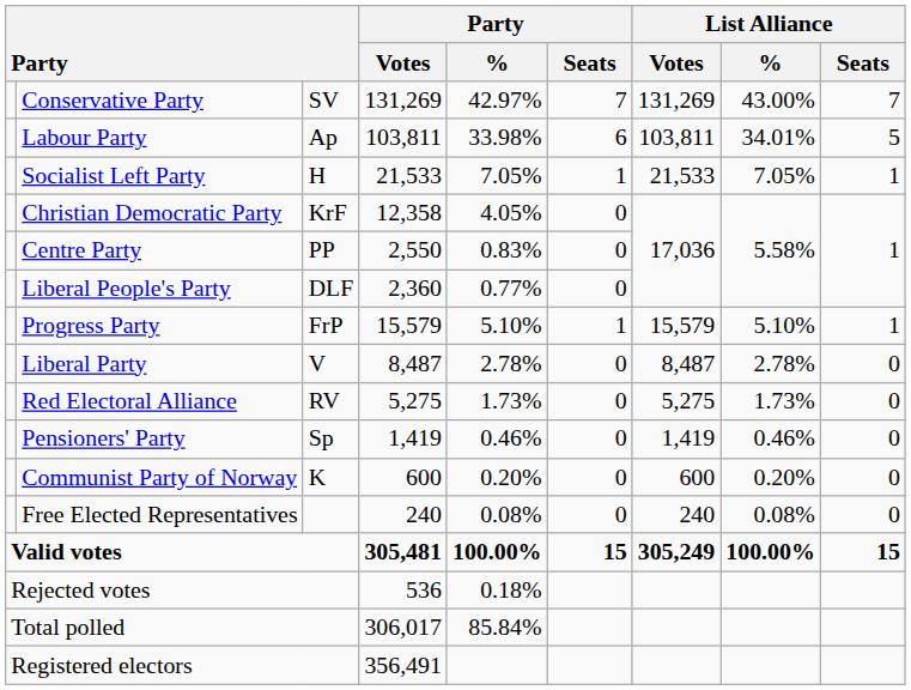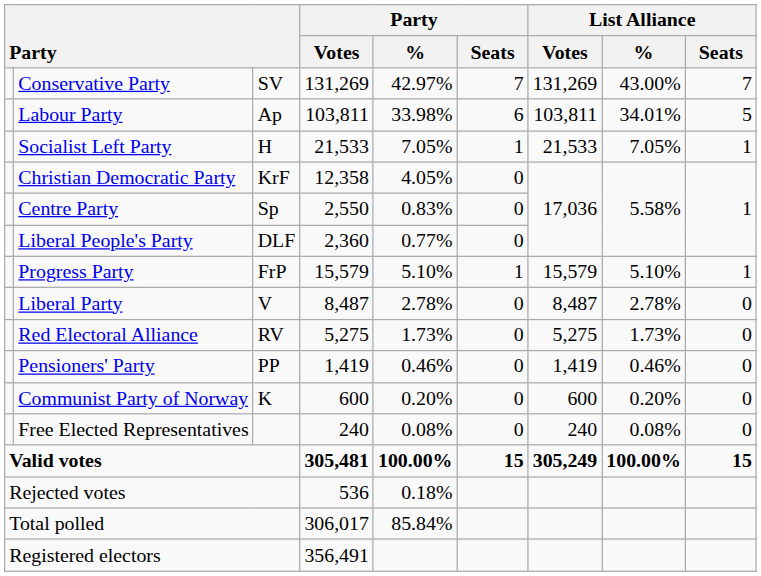 <table class="wikitable" border="1" style="text-align:right;">
 <tr>
 <th style="text-align:left;" valign=bottom rowspan=2 colspan=3>Party</th>
 <th colspan=3>Party</th>
 <th colspan=3>List Alliance</th>
 </tr>
 <tr>
 <th align=center valign=bottom width="50">Votes</th>
 <th align=center valign=bottom width="50">%</th>
 <th align=center valign=bottom width="50">Seats</th>
 <th align=center valign=bottom width="50">Votes</th>
 <th align=center valign=bottom width="50">%</th>
 <th align=center valign=bottom width="50">Seats</th>
 </tr>
 <tr>
 <td style="color:inherit;background:"></td>
 <td align=left><a href='#'>Conservative Party</a></td>
 <td align=left>SV</td>
 <td>131,269</td>
 <td>42.97%</td>
 <td>7</td>
 <td>131,269</td>
 <td>43.00%</td>
 <td>7</td>
 </tr>
 <tr>
 <td style="color:inherit;background:"></td>
 <td align=left><a href='#'>Labour Party</a></td>
 <td align=left>Ap</td>
 <td>103,811</td>
 <td>33.98%</td>
 <td>6</td>
 <td>103,811</td>
 <td>34.01%</td>
 <td>5</td>
 </tr>
 <tr>
 <td style="color:inherit;background:"></td>
 <td align=left><a href='#'>Socialist Left Party</a></td>
 <td align=left>H</td>
 <td>21,533</td>
 <td>7.05%</td>
 <td>1</td>
 <td>21,533</td>
 <td>7.05%</td>
 <td>1</td>
 </tr>
 <tr>
 <td style="color:inherit;background:"></td>
 <td align=left><a href='#'>Christian Democratic Party</a></td>
 <td align=left>KrF</td>
 <td>12,358</td>
 <td>4.05%</td>
 <td>0</td>
 <td rowspan=3>17,036</td>
 <td rowspan=3>5.58%</td>
 <td rowspan=3>1</td>
 </tr>
 <tr>
 <td style="color:inherit;background:"></td>
 <td align=left><a href='#'>Centre Party</a></td>
-<td align=left>PP</td>
+<td align=left>Sp</td>
 <td>2,550</td>
 <td>0.83%</td>
 <td>0</td>
 </tr>
 <tr>
 <td style="color:inherit;background:"></td>
 <td align=left><a href='#'>Liberal People's Party</a></td>
 <td align=left>DLF</td>
 <td>2,360</td>
 <td>0.77%</td>
 <td>0</td>
 </tr>
 <tr>
 <td style="color:inherit;background:"></td>
 <td align=left><a href='#'>Progress Party</a></td>
 <td align=left>FrP</td>
 <td>15,579</td>
 <td>5.10%</td>
 <td>1</td>
 <td>15,579</td>
 <td>5.10%</td>
 <td>1</td>
 </tr>
 <tr>
 <td style="color:inherit;background:"></td>
 <td align=left><a href='#'>Liberal Party</a></td>
 <td align=left>V</td>
 <td>8,487</td>
 <td>2.78%</td>
 <td>0</td>
 <td>8,487</td>
 <td>2.78%</td>
 <td>0</td>
 </tr>
 <tr>
 <td style="color:inherit;background:"></td>
 <td align=left><a href='#'>Red Electoral Alliance</a></td>
 <td align=left>RV</td>
 <td>5,275</td>
 <td>1.73%</td>
 <td>0</td>
 <td>5,275</td>
 <td>1.73%</td>
 <td>0</td>
 </tr>
 <tr>
 <td style="color:inherit;background:"></td>
 <td align=left><a href='#'>Pensioners' Party</a></td>
-<td align=left>Sp</td>
+<td align=left>PP</td>
 <td>1,419</td>
 <td>0.46%</td>
 <td>0</td>
 <td>1,419</td>
 <td>0.46%</td>
 <td>0</td>
 </tr>
 <tr>
 <td style="color:inherit;background:"></td>
 <td align=left><a href='#'>Communist Party of Norway</a></td>
 <td align=left>K</td>
 <td>600</td>
 <td>0.20%</td>
 <td>0</td>
 <td>600</td>
 <td>0.20%</td>
 <td>0</td>
 </tr>
 <tr>
 <td></td>
 <td align=left>Free Elected Representatives</td>
 <td align=left></td>
 <td>240</td>
 <td>0.08%</td>
 <td>0</td>
 <td>240</td>
 <td>0.08%</td>
 <td>0</td>
 </tr>
 <tr style="font-weight:bold">
 <td align=left colspan=3>Valid votes</td>
 <td>305,481</td>
 <td>100.00%</td>
 <td>15</td>
 <td>305,249</td>
 <td>100.00%</td>
 <td>15</td>
 </tr>
 <tr>
 <td align=left colspan=3>Rejected votes</td>
 <td>536</td>
 <td>0.18%</td>
 <td></td>
 <td></td>
 <td></td>
 <td></td>
 </tr>
 <tr>
 <td align=left colspan=3>Total polled</td>
 <td>306,017</td>
 <td>85.84%</td>
 <td></td>
 <td></td>
 <td></td>
 <td></td>
 </tr>
 <tr>
 <td align=left colspan=3>Registered electors</td>
 <td>356,491</td>
 <td></td>
 <td></td>
 <td></td>
 <td></td>
 </tr>
 </table>
